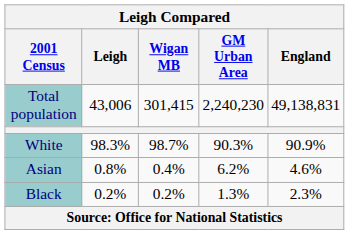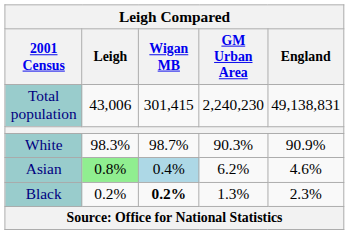 <table class="wikitable" id="toc" style="float: right; margin-left: 1em; width: 40%;  text-align: center;" cellspacing="5">
 <tr>
 <th colspan="5"><strong>Leigh Compared</strong></th>
 </tr>
 <tr>
 <th style="width:24%; font-size:90%;"><strong><a href='#'>2001 Census</a></strong></th>
 <th style="width:19%; font-size:90%;"><strong>Leigh</strong></th>
 <th style="width:19%; font-size:90%;"><strong><a href='#'>Wigan MB</a></strong></th>
 <th style="width:19%; font-size:90%;"><strong><a href='#'>GM Urban Area</a></strong></th>
 <th style="width:19%; font-size:90%;"><strong>England</strong></th>
 </tr>
 <tr>
 <td style="background:#9cc; color:navy;">Total population</td>
 <td>43,006</td>
 <td>301,415</td>
 <td>2,240,230</td>
 <td>49,138,831</td>
 </tr>
 <tr>
 <th colspan="5"></th>
 </tr>
 <tr>
 <td style="background:#9cc; color:navy;">White</td>
 <td>98.3%</td>
 <td>98.7%</td>
 <td>90.3%</td>
 <td>90.9%</td>
 </tr>
 <tr>
 <td style="background:#9cc; color:navy;">Asian</td>
-<td>0.8%</td>
-<td>0.4%</td>
+<td style="background: lightgreen;">0.8%</td>
+<td style="background: lightblue;">0.4%</td>
 <td>6.2%</td>
 <td>4.6%</td>
 </tr>
 <tr>
 <td style="background:#9cc; color:navy;">Black</td>
 <td>0.2%</td>
-<td>0.2%</td>
+<td><strong>0.2%</strong></td>
 <td>1.3%</td>
 <td>2.3%</td>
 </tr>
 <tr>
 <th colspan="5" style="font-size:90%;">Source: Office for National Statistics</th>
 </tr>
 </table>
